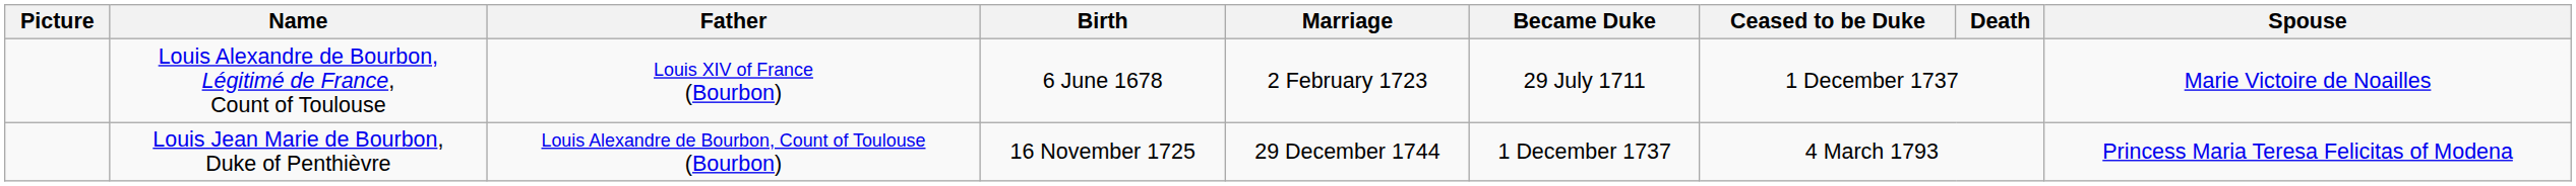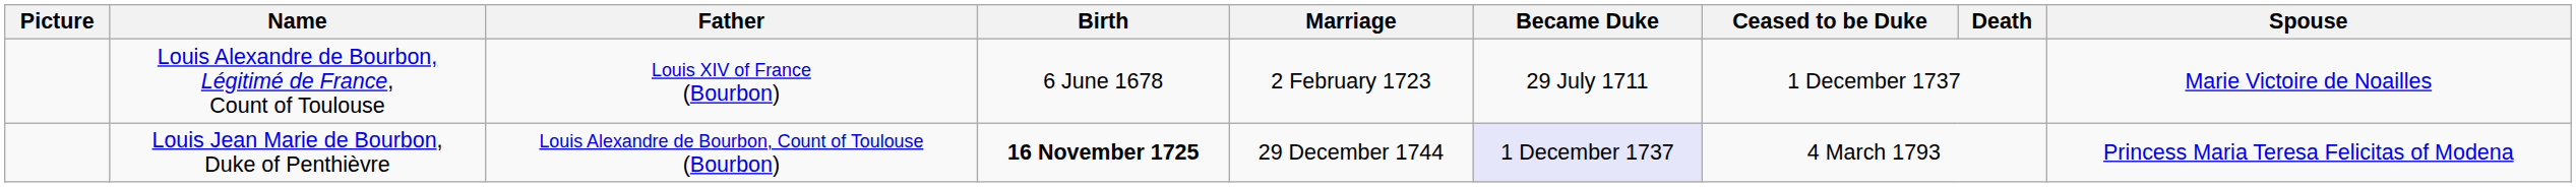 <table width=95% class="wikitable">
 <tr>
 <th>Picture</th>
 <th>Name</th>
 <th>Father</th>
 <th>Birth</th>
 <th>Marriage</th>
 <th>Became Duke</th>
 <th>Ceased to be Duke</th>
 <th>Death</th>
 <th>Spouse</th>
 </tr>
 <tr>
 <td align="center"></td>
 <td align="center"><a href='#'>Louis Alexandre de Bourbon,<br> <em>Légitimé de France</em></a>,<br> Count of Toulouse</td>
 <td align="center"><small><a href='#'>Louis XIV of France</a></small><br> (<a href='#'>Bourbon</a>)</td>
 <td align="center">6 June 1678</td>
 <td align="center">2 February 1723</td>
 <td align="center">29 July 1711</td>
 <td align="center" colspan="2">1 December 1737</td>
 <td align="center"><a href='#'>Marie Victoire de Noailles</a></td>
 </tr>
 <tr>
 <td align="center"></td>
 <td align="center"><a href='#'>Louis Jean Marie de Bourbon</a>,<br> Duke of Penthièvre</td>
 <td align="center"><small><a href='#'>Louis Alexandre de Bourbon, Count of Toulouse</a></small><br> (<a href='#'>Bourbon</a>)</td>
-<td align="center">16 November 1725</td>
+<td align="center"><strong>16 November 1725</strong></td>
 <td align="center">29 December 1744</td>
-<td align="center">1 December 1737<br></td>
+<td align="center" style="background: lavender;">1 December 1737<br></td>
 <td align="center" colspan="2">4 March 1793</td>
 <td align="center"><a href='#'>Princess Maria Teresa Felicitas of Modena</a></td>
 </tr>
 </table>
